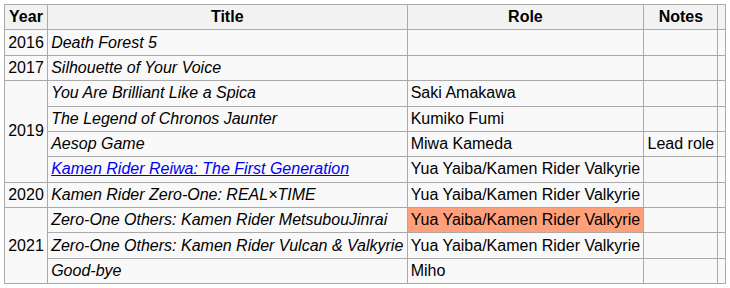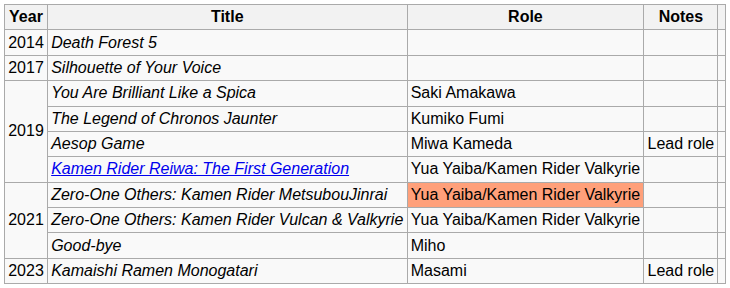 <table class="wikitable sortable">
 <tr>
 <th>Year</th>
 <th>Title</th>
 <th>Role</th>
 <th class="unsortable">Notes</th>
 <th class="unsortable"></th>
 </tr>
 <tr>
-<td>2016</td>
+<td>2014</td>
 <td><em>Death Forest 5</em></td>
 <td></td>
 <td></td>
 <td></td>
 </tr>
 <tr>
 <td>2017</td>
 <td><em>Silhouette of Your Voice</em></td>
 <td></td>
 <td></td>
 <td></td>
 </tr>
 <tr>
 <td rowspan="4">2019</td>
 <td><em>You Are Brilliant Like a Spica</em></td>
 <td>Saki Amakawa</td>
 <td></td>
 <td></td>
 </tr>
 <tr>
 <td><em>The Legend of Chronos Jaunter</em></td>
 <td>Kumiko Fumi</td>
 <td></td>
 </tr>
 <tr>
 <td><em>Aesop Game</em></td>
 <td>Miwa Kameda</td>
 <td>Lead role</td>
 <td></td>
 </tr>
 <tr>
 <td><em><a href='#'>Kamen Rider Reiwa: The First Generation</a></em></td>
 <td>Yua Yaiba/Kamen Rider Valkyrie</td>
 <td></td>
 <td></td>
 </tr>
 <tr>
-<td>2020</td>
-<td><em>Kamen Rider Zero-One: REAL×TIME</em></td>
-<td>Yua Yaiba/Kamen Rider Valkyrie</td>
-<td></td>
-<td></td>
-</tr>
-<tr>
 <td rowspan="3">2021</td>
 <td><em>Zero-One Others: Kamen Rider MetsubouJinrai</em></td>
 <td style="background: lightsalmon;">Yua Yaiba/Kamen Rider Valkyrie</td>
 <td></td>
 <td></td>
 </tr>
 <tr>
 <td><em>Zero-One Others: Kamen Rider Vulcan & Valkyrie</em></td>
 <td>Yua Yaiba/Kamen Rider Valkyrie</td>
 <td></td>
 <td></td>
 </tr>
 <tr>
 <td><em>Good-bye</em></td>
 <td>Miho</td>
 <td></td>
 <td></td>
 </tr>
+<tr>
+<td>2023</td>
+<td><em>Kamaishi Ramen Monogatari</em></td>
+<td>Masami</td>
+<td>Lead role</td>
+<td></td>
+</tr>
 </table>
